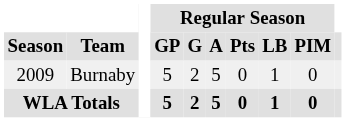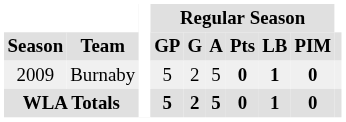 <table BORDER="0" CELLPADDING="3" CELLSPACING="0">
 <tr ALIGN="center" bgcolor="#e0e0e0">
 <th colspan="2" bgcolor="#ffffff"> </th>
 <th rowspan="99" bgcolor="#ffffff"> </th>
 <th colspan="6">Regular Season</th>
 </tr>
 <tr ALIGN="center" bgcolor="#e0e0e0">
 <th>Season</th>
 <th>Team</th>
 <th>GP</th>
 <th>G</th>
 <th>A</th>
 <th>Pts</th>
 <th>LB</th>
 <th>PIM</th>
 <th></th>
 </tr>
 <tr ALIGN="center" bgcolor="#f0f0f0">
 <td>2009</td>
 <td>Burnaby</td>
 <td>5</td>
 <td>2</td>
 <td>5</td>
-<td>0</td>
-<td>1</td>
-<td>0</td>
+<td><strong>0</strong></td>
+<td><strong>1</strong></td>
+<td><strong>0</strong></td>
 <td></td>
 </tr>
 <tr ALIGN="center" bgcolor="#e0e0e0">
 <th colspan="2">WLA Totals</th>
 <th>5</th>
 <th>2</th>
 <th>5</th>
 <th>0</th>
 <th>1</th>
 <th>0</th>
 <th></th>
 </tr>
 </table>
